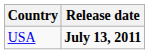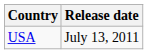 <table class="wikitable sortable">
 <tr>
 <th>Country</th>
 <th>Release date</th>
 </tr>
 <tr>
 <td><a href='#'>USA</a></td>
-<td><strong>July 13, 2011</strong></td>
+<td>July 13, 2011</td>
 </tr>
 </table>
